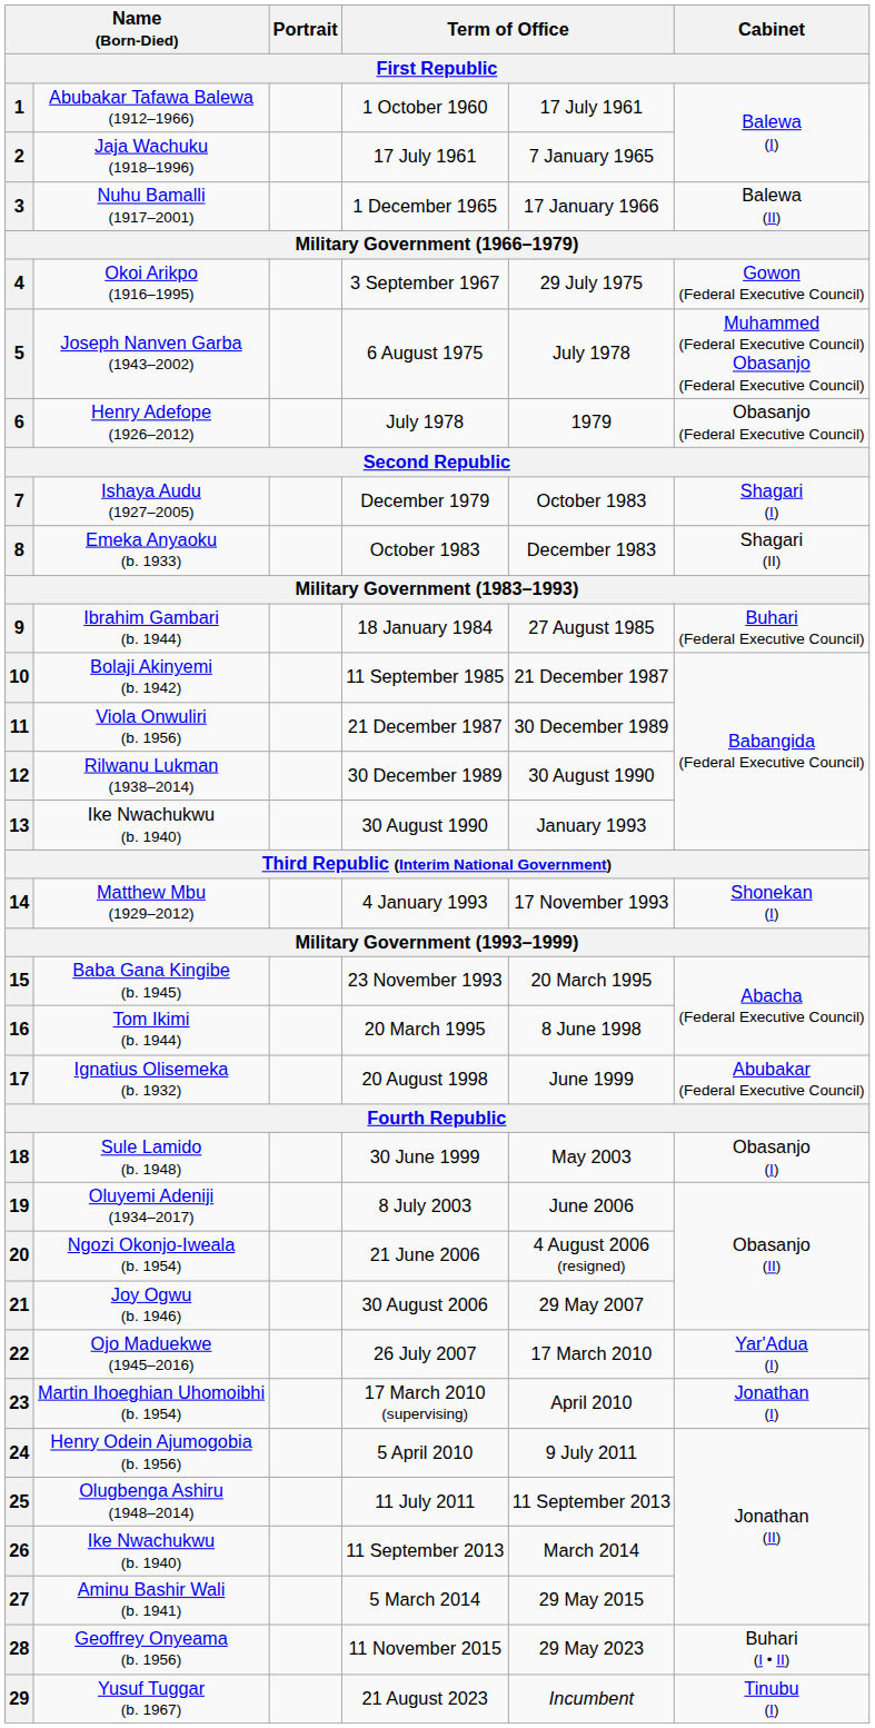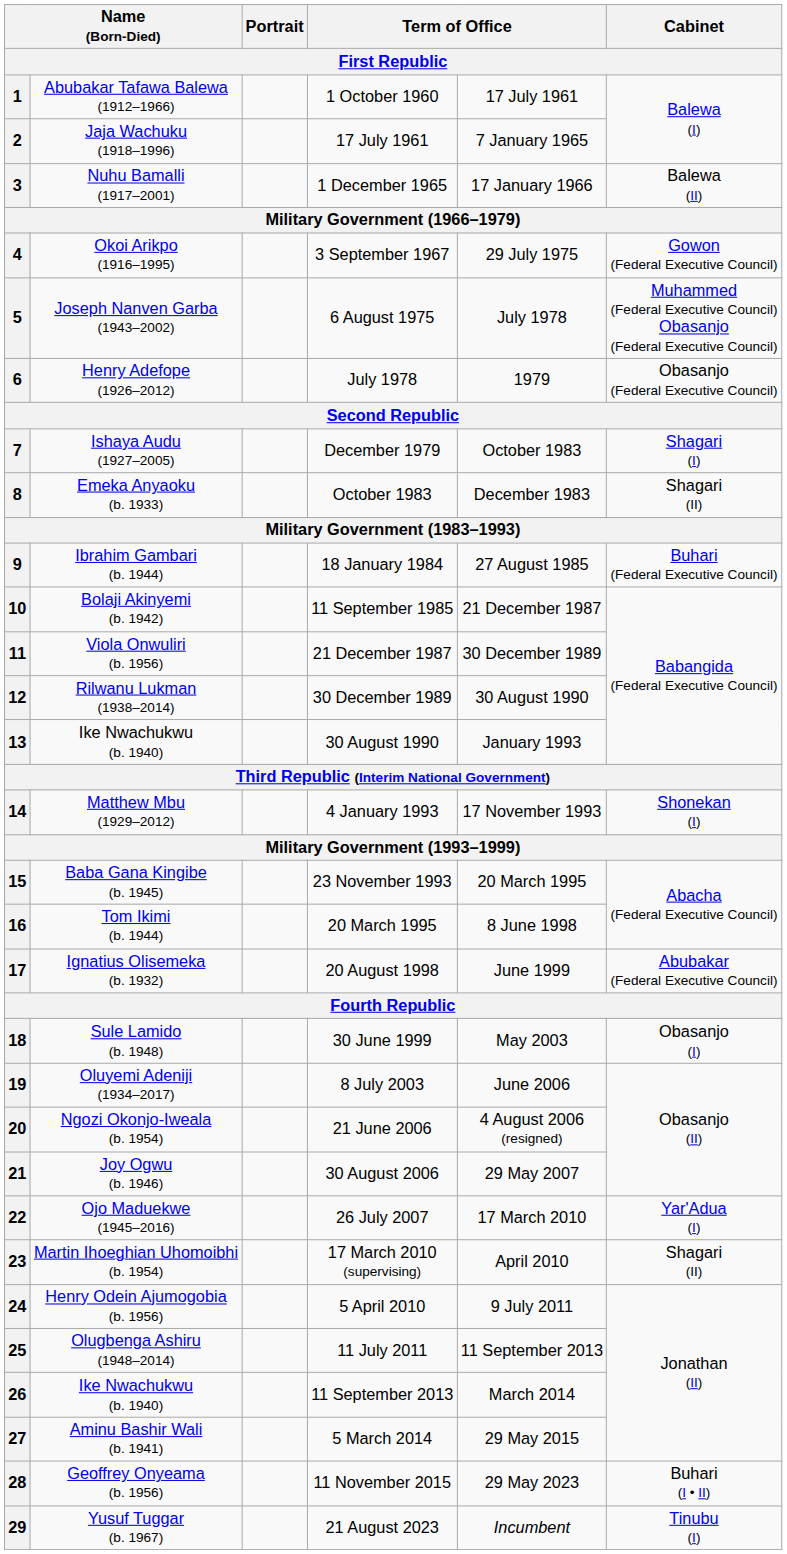 <table class="wikitable" style="text-align:center;">
 <tr>
 <th colspan="2">Name<br><small>(Born-Died)</small></th>
 <th>Portrait</th>
 <th colspan="2">Term of Office</th>
 <th>Cabinet</th>
 </tr>
 <tr>
 <th colspan="6"><a href='#'>First Republic</a></th>
 </tr>
 <tr>
 <th style="background:">1</th>
 <td><a href='#'>Abubakar Tafawa Balewa</a><br><small>(1912–1966)</small></td>
 <td></td>
 <td>1 October 1960</td>
 <td>17 July 1961</td>
 <td rowspan="2"><a href='#'>Balewa</a><br><small>(<a href='#'>I</a>)</small></td>
 </tr>
 <tr>
 <th style="background:">2</th>
 <td><a href='#'>Jaja Wachuku</a><br><small>(1918–1996)</small></td>
 <td></td>
 <td>17 July 1961</td>
 <td>7 January 1965</td>
 </tr>
 <tr>
 <th style="background:">3</th>
 <td><a href='#'>Nuhu Bamalli</a><br><small>(1917–2001)</small></td>
 <td></td>
 <td>1 December 1965</td>
 <td>17 January 1966</td>
 <td>Balewa<br><small>(<a href='#'>II</a>)</small></td>
 </tr>
 <tr>
 <th colspan="6">Military Government (1966–1979)</th>
 </tr>
 <tr>
 <th>4</th>
 <td><a href='#'>Okoi Arikpo</a><br><small>(1916–1995)</small></td>
 <td></td>
 <td>3 September 1967</td>
 <td>29 July 1975</td>
 <td><a href='#'>Gowon</a><br><small>(Federal Executive Council)</small></td>
 </tr>
 <tr>
 <th style="background:">5</th>
 <td><a href='#'>Joseph Nanven Garba</a><br><small>(1943–2002)</small></td>
 <td></td>
 <td>6 August 1975</td>
 <td>July 1978</td>
 <td><a href='#'>Muhammed</a><br><small>(Federal Executive Council)</small><br><a href='#'>Obasanjo</a><br><small>(Federal Executive Council)</small></td>
 </tr>
 <tr>
 <th style="background:">6</th>
 <td><a href='#'>Henry Adefope</a><br><small>(1926–2012)</small></td>
 <td></td>
 <td>July 1978</td>
 <td>1979</td>
 <td>Obasanjo<br><small>(Federal Executive Council)</small></td>
 </tr>
 <tr>
 <th colspan="6"><a href='#'>Second Republic</a></th>
 </tr>
 <tr>
 <th style="background:">7</th>
 <td><a href='#'>Ishaya Audu</a><br><small>(1927–2005)</small></td>
 <td></td>
 <td>December 1979</td>
 <td>October 1983</td>
 <td><a href='#'>Shagari</a><br><small>(<a href='#'>I</a>)</small></td>
 </tr>
 <tr>
 <th>8</th>
 <td><a href='#'>Emeka Anyaoku</a><br><small>(b. 1933)</small></td>
 <td></td>
 <td>October 1983</td>
 <td>December 1983</td>
 <td>Shagari<br><small>(II)</small></td>
 </tr>
 <tr>
 <th colspan="6">Military Government (1983–1993)</th>
 </tr>
 <tr>
 <th>9</th>
 <td><a href='#'>Ibrahim Gambari</a><br><small>(b. 1944)</small></td>
 <td></td>
 <td>18 January 1984</td>
 <td>27 August 1985</td>
 <td><a href='#'>Buhari</a><br><small>(Federal Executive Council)</small></td>
 </tr>
 <tr>
 <th>10</th>
 <td><a href='#'>Bolaji Akinyemi</a><br><small>(b. 1942)</small></td>
 <td></td>
 <td>11 September 1985</td>
 <td>21 December 1987</td>
 <td rowspan="4"><a href='#'>Babangida</a><br><small>(Federal Executive Council)</small></td>
 </tr>
 <tr>
 <th style="background:">11</th>
 <td><a href='#'>Viola Onwuliri</a><br><small>(b. 1956)</small></td>
 <td></td>
 <td>21 December 1987</td>
 <td>30 December 1989</td>
 </tr>
 <tr>
 <th>12</th>
 <td><a href='#'>Rilwanu Lukman</a><br><small>(1938–2014)</small></td>
 <td></td>
 <td>30 December 1989</td>
 <td>30 August 1990</td>
 </tr>
 <tr>
 <th style="background:">13</th>
 <td>Ike Nwachukwu<br><small>(b. 1940)</small></td>
 <td></td>
 <td>30 August 1990</td>
 <td>January 1993</td>
 </tr>
 <tr>
 <th colspan="6"><a href='#'>Third Republic</a> <small>(<a href='#'>Interim National Government</a>)</small></th>
 </tr>
 <tr>
 <th>14</th>
 <td><a href='#'>Matthew Mbu</a><br><small>(1929–2012)</small></td>
 <td></td>
 <td>4 January 1993</td>
 <td>17 November 1993</td>
 <td><a href='#'>Shonekan</a><br><small>(<a href='#'>I</a>)</small></td>
 </tr>
 <tr>
 <th colspan="6">Military Government (1993–1999)</th>
 </tr>
 <tr>
 <th>15</th>
 <td><a href='#'>Baba Gana Kingibe</a><br><small>(b. 1945)</small></td>
 <td></td>
 <td>23 November 1993</td>
 <td>20 March 1995</td>
 <td rowspan="2"><a href='#'>Abacha</a><br><small>(Federal Executive Council)</small></td>
 </tr>
 <tr>
 <th>16</th>
 <td><a href='#'>Tom Ikimi</a><br><small>(b. 1944)</small></td>
 <td></td>
 <td>20 March 1995</td>
 <td>8 June 1998</td>
 </tr>
 <tr>
 <th>17</th>
 <td><a href='#'>Ignatius Olisemeka</a><br><small>(b. 1932)</small></td>
 <td></td>
 <td>20 August 1998</td>
 <td>June 1999</td>
 <td><a href='#'>Abubakar</a><br><small>(Federal Executive Council)</small></td>
 </tr>
 <tr>
 <th colspan="6"><a href='#'>Fourth Republic</a></th>
 </tr>
 <tr>
 <th style="background:">18</th>
 <td><a href='#'>Sule Lamido</a><br><small>(b. 1948)</small></td>
 <td></td>
 <td>30 June 1999</td>
 <td>May 2003</td>
 <td>Obasanjo<br><small>(<a href='#'>I</a>)</small></td>
 </tr>
 <tr>
 <th>19</th>
 <td><a href='#'>Oluyemi Adeniji</a><br><small>(1934–2017)</small></td>
 <td></td>
 <td>8 July 2003</td>
 <td>June 2006</td>
 <td rowspan="3">Obasanjo<br><small>(<a href='#'>II</a>)</small></td>
 </tr>
 <tr>
 <th>20</th>
 <td><a href='#'>Ngozi Okonjo-Iweala</a><br><small>(b. 1954)</small></td>
 <td></td>
 <td>21 June 2006</td>
 <td>4 August 2006<br><small>(resigned)</small></td>
 </tr>
 <tr>
 <th>21</th>
 <td><a href='#'>Joy Ogwu</a><br><small>(b. 1946)</small></td>
 <td></td>
 <td>30 August 2006</td>
 <td>29 May 2007</td>
 </tr>
 <tr>
 <th style="background:">22</th>
 <td><a href='#'>Ojo Maduekwe</a><br><small>(1945–2016)</small></td>
 <td></td>
 <td>26 July 2007</td>
 <td>17 March 2010</td>
 <td><a href='#'>Yar'Adua</a><br><small>(<a href='#'>I</a>)</small></td>
 </tr>
 <tr>
 <th>23</th>
 <td><a href='#'>Martin Ihoeghian Uhomoibhi</a><br><small>(b. 1954)</small></td>
 <td></td>
 <td>17 March 2010<br><small>(supervising)</small></td>
 <td>April 2010</td>
-<td><a href='#'>Jonathan</a><br><small>(<a href='#'>I</a>)</small></td>
+<td>Shagari<br><small>(II)</small></td>
 </tr>
 <tr>
 <th style="background:">24</th>
 <td><a href='#'>Henry Odein Ajumogobia</a><br><small>(b. 1956)</small></td>
 <td></td>
 <td>5 April 2010</td>
 <td>9 July 2011</td>
 <td rowspan="4">Jonathan<br><small>(<a href='#'>II</a>)</small></td>
 </tr>
 <tr>
 <th>25</th>
 <td><a href='#'>Olugbenga Ashiru</a><br><small>(1948–2014)</small></td>
 <td></td>
 <td>11 July 2011</td>
 <td>11 September 2013</td>
 </tr>
 <tr>
 <th>26</th>
 <td><a href='#'>Ike Nwachukwu</a><br><small>(b. 1940)</small></td>
 <td></td>
 <td>11 September 2013</td>
 <td>March 2014</td>
 </tr>
 <tr>
 <th style="background:">27</th>
 <td><a href='#'>Aminu Bashir Wali</a><br><small>(b. 1941)</small></td>
 <td></td>
 <td>5 March 2014</td>
 <td>29 May 2015</td>
 </tr>
 <tr>
 <th style="background:">28</th>
 <td><a href='#'>Geoffrey Onyeama</a><br><small>(b. 1956)</small></td>
 <td></td>
 <td>11 November 2015</td>
 <td>29 May 2023</td>
 <td>Buhari<br><small>(<a href='#'>I</a> • <a href='#'>II</a>)</small></td>
 </tr>
 <tr>
 <th style="background:">29</th>
 <td><a href='#'>Yusuf Tuggar</a><br><small>(b. 1967)</small></td>
 <td></td>
 <td>21 August 2023</td>
 <td><em>Incumbent</em></td>
 <td><a href='#'>Tinubu</a><br><small>(<a href='#'>I</a>)</small></td>
 </tr>
 <tr>
 </tr>
 </table>
